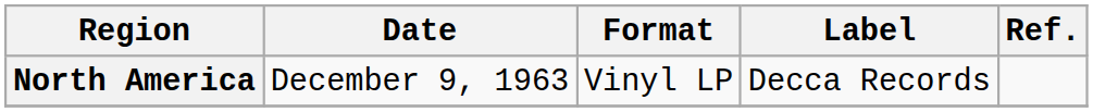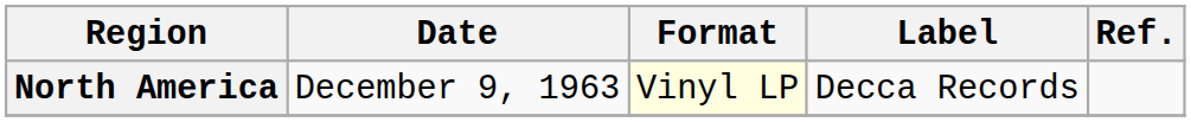 <table class="wikitable plainrowheaders">
 <tr>
 <th scope="col">Region</th>
 <th scope="col">Date</th>
 <th scope="col">Format</th>
 <th scope="col">Label</th>
 <th scope="col">Ref.</th>
 </tr>
 <tr>
 <th scope="row">North America</th>
 <td>December 9, 1963</td>
-<td>Vinyl LP</td>
+<td style="background: lightyellow;">Vinyl LP</td>
 <td>Decca Records</td>
 <td></td>
 </tr>
 <tr>
 </tr>
 </table>
